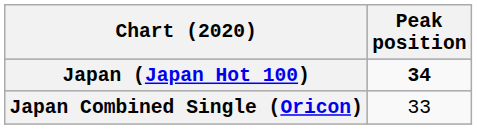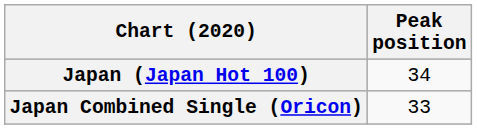 <table class="wikitable sortable plainrowheaders" style="text-align:center">
 <tr>
 <th scope="col">Chart (2020)</th>
 <th scope="col">Peak<br>position</th>
 </tr>
 <tr>
 <th scope="row">Japan (<a href='#'>Japan Hot 100</a>)</th>
-<td><strong>34</strong></td>
+<td>34</td>
 </tr>
 <tr>
 <th scope="row">Japan Combined Single (<a href='#'>Oricon</a>)</th>
 <td>33</td>
 </tr>
 </table>
